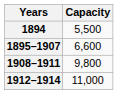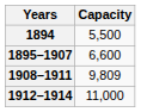 <table class="wikitable">
 <tr>
 <th scope="row">Years</th>
 <th scope="row">Capacity</th>
 </tr>
 <tr>
 <th scope="row">1894</th>
 <td style="text-align:center">5,500</td>
 </tr>
 <tr>
 <th scope="row">1895–1907</th>
 <td style="text-align:center">6,600</td>
 </tr>
 <tr>
 <th scope="row">1908–1911</th>
-<td style="text-align:center">9,800</td>
+<td style="text-align:center">9,809</td>
 </tr>
 <tr>
 <th scope="row">1912–1914</th>
 <td style="text-align:center">11,000</td>
 </tr>
 </table>
